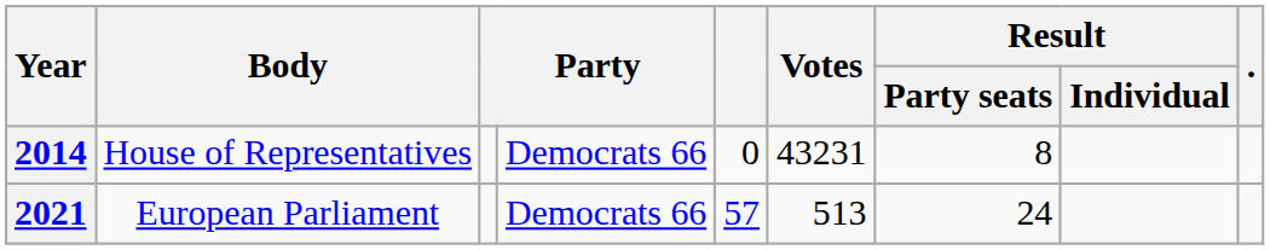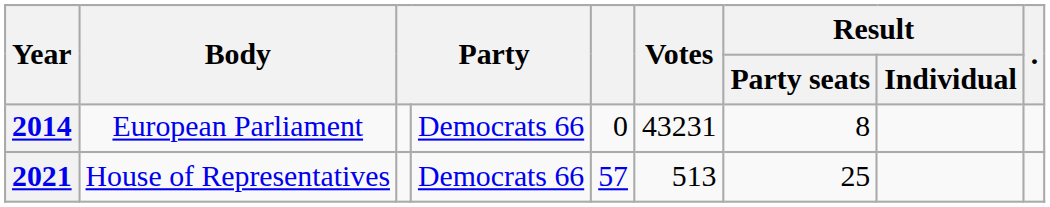 <table class="wikitable plainrowheaders sortable" border=2 cellpadding=4 cellspacing=0 style="border: 1px #aaa solid; font-size: 90%; text-align:center;">
 <tr>
 <th scope="col" rowspan=2>Year</th>
 <th scope="col" rowspan=2>Body</th>
 <th scope="col" colspan=2 rowspan=2>Party</th>
 <th scope="col" rowspan=2></th>
 <th scope="col" rowspan=2>Votes</th>
 <th scope="colgroup" colspan=2>Result</th>
 <th scope="col" rowspan=2 class="unsortable">.</th>
 </tr>
 <tr>
 <th scope="col">Party seats</th>
 <th scope="col">Individual</th>
 </tr>
 <tr>
 <th scope="row"><a href='#'>2014</a></th>
-<td><a href='#'>House of Representatives</a></td>
+<td><a href='#'>European Parliament</a></td>
 <td style="background-color:"></td>
 <td><a href='#'>Democrats 66</a></td>
 <td style=text-align:right>0</td>
 <td style=text-align:right>43231</td>
 <td style=text-align:right>8</td>
 <td></td>
 <td></td>
 </tr>
 <tr>
 <th scope="row"><a href='#'>2021</a></th>
-<td><a href='#'>European Parliament</a></td>
+<td><a href='#'>House of Representatives</a></td>
 <td style="background-color:"></td>
 <td><a href='#'>Democrats 66</a></td>
 <td style=text-align:right><a href='#'>57</a></td>
 <td style=text-align:right>513</td>
-<td style=text-align:right>24</td>
+<td style=text-align:right>25</td>
 <td></td>
 <td></td>
 </tr>
 </table>
